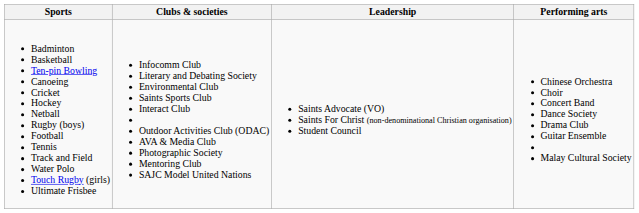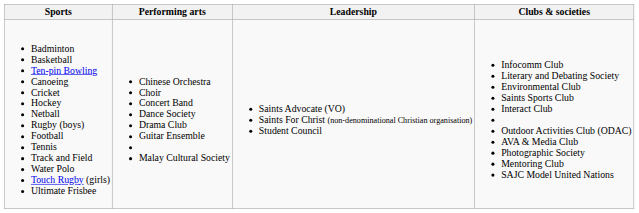 <table class="wikitable">
 <tr>
 <th>Sports</th>
+<th>Performing arts</th>
+<th>Leadership</th>
 <th>Clubs & societies</th>
-<th>Leadership</th>
-<th>Performing arts</th>
 </tr>
 <tr>
 <td><br><ul><li>Badminton</li><li>Basketball</li><li><a href='#'>Ten-pin Bowling</a></li><li>Canoeing</li><li>Cricket</li><li>Hockey</li><li>Netball</li><li>Rugby (boys)</li><li>Football</li><li>Tennis</li><li>Track and Field</li><li>Water Polo</li><li><a href='#'>Touch Rugby</a> (girls)</li><li>Ultimate Frisbee</li></ul></td>
+<td><br><ul><li>Chinese Orchestra</li><li>Choir</li><li>Concert Band</li><li>Dance Society</li><li>Drama Club</li><li>Guitar Ensemble</li><li></li><li>Malay Cultural Society</li></ul></td>
+<td><br><ul><li>Saints Advocate (VO)</li><li>Saints For Christ <small>(non-denominational Christian organisation)</small></li><li>Student Council</li></ul></td>
 <td><br><ul><li>Infocomm Club</li><li>Literary and Debating Society</li><li>Environmental Club</li><li>Saints Sports Club</li><li>Interact Club</li><li></li><li>Outdoor Activities Club (ODAC)</li><li>AVA & Media Club</li><li>Photographic Society</li><li>Mentoring Club</li><li>SAJC Model United Nations</li></ul></td>
-<td><br><ul><li>Saints Advocate (VO)</li><li>Saints For Christ <small>(non-denominational Christian organisation)</small></li><li>Student Council</li></ul></td>
-<td><br><ul><li>Chinese Orchestra</li><li>Choir</li><li>Concert Band</li><li>Dance Society</li><li>Drama Club</li><li>Guitar Ensemble</li><li></li><li>Malay Cultural Society</li></ul></td>
 </tr>
 </table>
